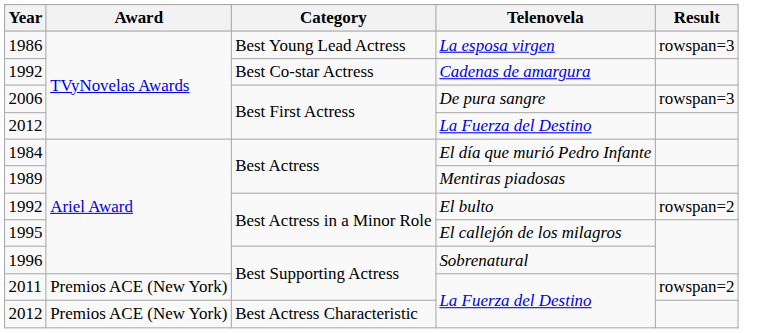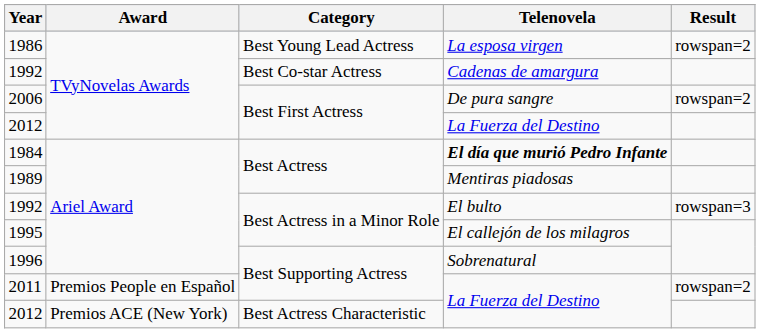 <table class="wikitable">
 <tr style="background:#b0c4de;">
 <th>Year</th>
 <th>Award</th>
 <th>Category</th>
 <th>Telenovela</th>
 <th>Result</th>
 </tr>
 <tr>
 <td>1986</td>
 <td rowspan=4><a href='#'>TVyNovelas Awards</a></td>
 <td>Best Young Lead Actress</td>
 <td><em><a href='#'>La esposa virgen</a></em></td>
-<td>rowspan=3 </td>
+<td>rowspan=2 </td>
 </tr>
 <tr>
 <td>1992</td>
 <td>Best Co-star Actress</td>
 <td><em><a href='#'>Cadenas de amargura</a></em></td>
 </tr>
 <tr>
 <td>2006</td>
 <td rowspan=2>Best First Actress</td>
 <td><em>De pura sangre</em></td>
-<td>rowspan=3 </td>
+<td>rowspan=2 </td>
 </tr>
 <tr>
 <td>2012</td>
 <td><em><a href='#'>La Fuerza del Destino</a></em></td>
 </tr>
 <tr>
 <td>1984</td>
 <td rowspan=5><a href='#'>Ariel Award</a></td>
 <td rowspan=2>Best Actress</td>
-<td><em>El día que murió Pedro Infante</em></td>
+<td><strong><em>El día que murió Pedro Infante</em></strong></td>
 <td></td>
 </tr>
 <tr>
 <td>1989</td>
 <td><em>Mentiras piadosas</em></td>
 <td></td>
 </tr>
 <tr>
 <td>1992</td>
 <td rowspan=2>Best Actress in a Minor Role</td>
 <td><em>El bulto</em></td>
-<td>rowspan=2 </td>
+<td>rowspan=3 </td>
 </tr>
 <tr>
 <td>1995</td>
 <td><em>El callejón de los milagros</em></td>
 </tr>
 <tr>
 <td>1996</td>
 <td rowspan=2>Best Supporting Actress</td>
 <td><em>Sobrenatural</em></td>
 </tr>
 <tr>
 <td>2011</td>
-<td>Premios ACE (New York)</td>
+<td>Premios People en Español</td>
 <td rowspan=2><em><a href='#'>La Fuerza del Destino</a></em></td>
 <td>rowspan=2 </td>
 </tr>
 <tr>
 <td>2012</td>
 <td>Premios ACE (New York)</td>
 <td>Best Actress Characteristic</td>
 </tr>
 </table>
